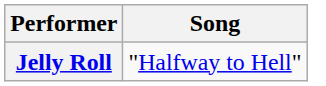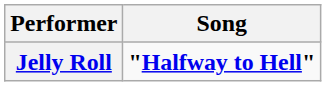 <table class="wikitable unsortable" style="text-align:center; white-space: nowrap;">
 <tr>
 <th scope="col">Performer</th>
 <th scope="col">Song</th>
 </tr>
 <tr>
 <th scope="row"><a href='#'>Jelly Roll</a></th>
-<td>"<a href='#'>Halfway to Hell</a>"</td>
+<td><strong>"<a href='#'>Halfway to Hell</a>"</strong></td>
 </tr>
 </table>
